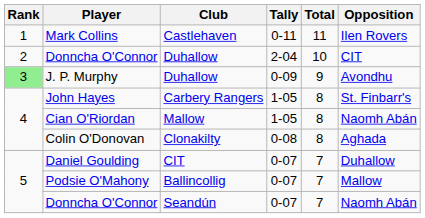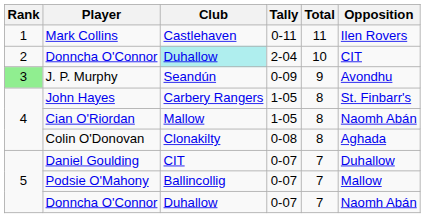 <table class="wikitable">
 <tr>
 <th>Rank</th>
 <th>Player</th>
 <th>Club</th>
 <th>Tally</th>
 <th>Total</th>
 <th>Opposition</th>
 </tr>
 <tr>
 <td rowspan="1" style="text-align:center;">1</td>
 <td><a href='#'>Mark Collins</a></td>
 <td><a href='#'>Castlehaven</a></td>
 <td align=center>0-11</td>
 <td align=center>11</td>
 <td><a href='#'>Ilen Rovers</a></td>
 </tr>
 <tr>
 <td rowspan="1" style="text-align:center;">2</td>
 <td><a href='#'>Donncha O'Connor</a></td>
-<td><a href='#'>Duhallow</a></td>
+<td style="background: paleturquoise;"><a href='#'>Duhallow</a></td>
 <td align=center>2-04</td>
 <td align=center>10</td>
 <td><a href='#'>CIT</a></td>
 </tr>
 <tr>
 <td rowspan="1" style="background: lightgreen; text-align:center;">3</td>
 <td>J. P. Murphy</td>
-<td><a href='#'>Duhallow</a></td>
+<td><a href='#'>Seandún</a></td>
 <td align=center>0-09</td>
 <td align=center>9</td>
 <td><a href='#'>Avondhu</a></td>
 </tr>
 <tr>
 <td rowspan="3" style="text-align:center;">4</td>
 <td><a href='#'>John Hayes</a></td>
 <td><a href='#'>Carbery Rangers</a></td>
 <td align=center>1-05</td>
 <td align=center>8</td>
 <td><a href='#'>St. Finbarr's</a></td>
 </tr>
 <tr>
 <td><a href='#'>Cian O'Riordan</a></td>
 <td><a href='#'>Mallow</a></td>
 <td align=center>1-05</td>
 <td align=center>8</td>
 <td><a href='#'>Naomh Abán</a></td>
 </tr>
 <tr>
 <td>Colin O'Donovan</td>
 <td><a href='#'>Clonakilty</a></td>
 <td align=center>0-08</td>
 <td align=center>8</td>
 <td><a href='#'>Aghada</a></td>
 </tr>
 <tr>
 <td rowspan="3" style="text-align:center;">5</td>
 <td><a href='#'>Daniel Goulding</a></td>
 <td><a href='#'>CIT</a></td>
 <td align=center>0-07</td>
 <td align=center>7</td>
 <td><a href='#'>Duhallow</a></td>
 </tr>
 <tr>
 <td><a href='#'>Podsie O'Mahony</a></td>
 <td><a href='#'>Ballincollig</a></td>
 <td align=center>0-07</td>
 <td align=center>7</td>
 <td><a href='#'>Mallow</a></td>
 </tr>
 <tr>
 <td><a href='#'>Donncha O'Connor</a></td>
-<td><a href='#'>Seandún</a></td>
+<td><a href='#'>Duhallow</a></td>
 <td align=center>0-07</td>
 <td align=center>7</td>
 <td><a href='#'>Naomh Abán</a></td>
 </tr>
 </table>
